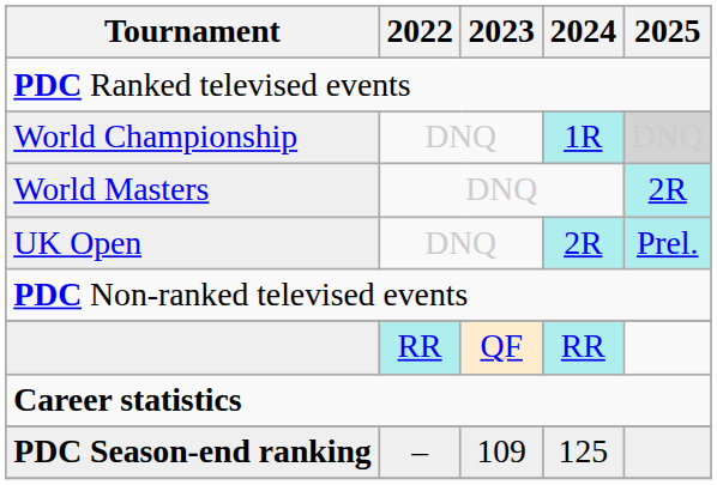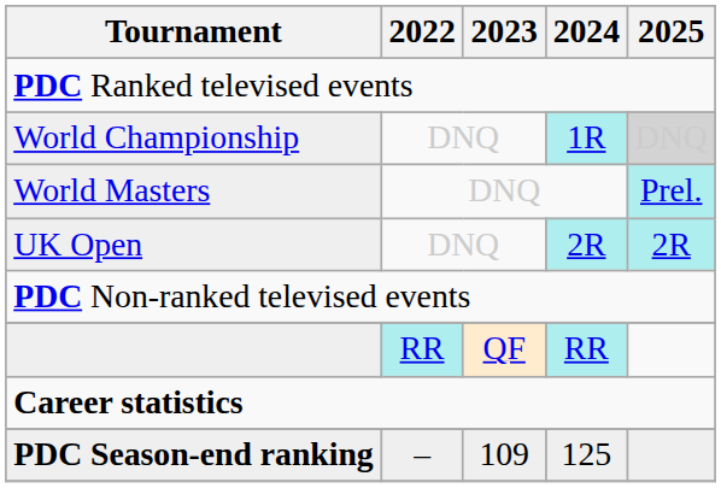 <table class="wikitable">
 <tr>
 <th>Tournament</th>
 <th>2022</th>
 <th>2023</th>
 <th>2024</th>
 <th>2025</th>
 </tr>
 <tr>
 <td colspan="5" style="text-align:left"><strong><a href='#'>PDC</a> </strong>Ranked televised events</td>
 </tr>
 <tr>
 <td style="background:#efefef;"><a href='#'>World Championship</a></td>
 <td colspan=2; style="text-align:center; color:#ccc;">DNQ</td>
 <td style="text-align:center; background:#afeeee;"><a href='#'>1R</a></td>
 <td style="background: lightgrey; text-align:center; color:#ccc;">DNQ</td>
 </tr>
 <tr>
 <td style="background:#efefef;"><a href='#'>World Masters</a></td>
 <td colspan=3; style="text-align:center; color:#ccc;">DNQ</td>
-<td style="text-align:center; background:#afeeee;"><a href='#'>2R</a></td>
+<td style="text-align:center; background:#afeeee;"><a href='#'>Prel.</a></td>
 </tr>
 <tr>
 <td style="background:#efefef;"><a href='#'>UK Open</a></td>
 <td colspan=2; style="text-align:center; color:#ccc;">DNQ</td>
 <td style="text-align:center; background:#afeeee;"><a href='#'>2R</a></td>
-<td style="text-align:center; background:#afeeee;"><a href='#'>Prel.</a></td>
+<td style="text-align:center; background:#afeeee;"><a href='#'>2R</a></td>
 </tr>
 <tr>
 <td colspan="5" style="text-align:left"><strong><a href='#'>PDC</a></strong> Non-ranked televised events</td>
 </tr>
 <tr>
 </tr>
 <tr>
 <td style="background:#efefef;"></td>
 <td style="text-align:center; background:#afeeee;"><a href='#'>RR</a></td>
 <td style="text-align:center; background:#ffebcd;"><a href='#'>QF</a></td>
 <td style="text-align:center; background:#afeeee;"><a href='#'>RR</a></td>
 <td></td>
 </tr>
 <tr>
 <td colspan="14" align="left"><strong>Career statistics</strong></td>
 </tr>
 <tr>
 </tr>
 <tr bgcolor="efefef">
 <td align="left"><strong>PDC Season-end ranking</strong></td>
 <td style="text-align:center;">–</td>
 <td style="text-align:center;">109</td>
 <td style="text-align:center;">125</td>
 <td></td>
 </tr>
 <tr>
 </tr>
 </table>
